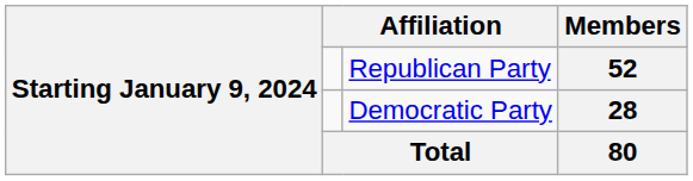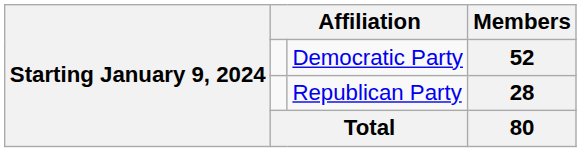 <table class="wikitable">
 <tr>
 <th rowspan=4>Starting January 9, 2024</th>
 <th colspan=2>Affiliation</th>
 <th>Members</th>
 </tr>
 <tr>
 <td style="background-color:"> </td>
-<td><a href='#'>Republican Party</a></td>
+<td><a href='#'>Democratic Party</a></td>
 <th style="text-align:center;">52</th>
 </tr>
 <tr>
 <td style="background-color:"> </td>
-<td><a href='#'>Democratic Party</a></td>
+<td><a href='#'>Republican Party</a></td>
 <th style="text-align:center;">28</th>
 </tr>
 <tr>
 <th colspan=2 style="text-align:center;">Total</th>
 <th style="text-align:center;">80</th>
 </tr>
 </table>
